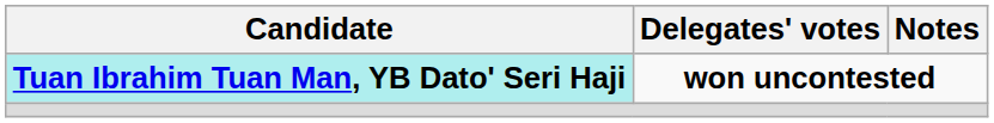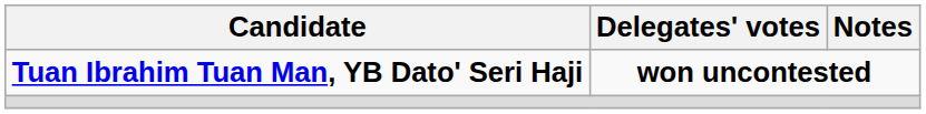 <table class="wikitable" style="text-align:center">
 <tr>
 <th>Candidate</th>
 <th>Delegates' votes</th>
 <th>Notes</th>
 </tr>
 <tr>
-<td align="left" style="background: paleturquoise;"><strong><a href='#'>Tuan Ibrahim Tuan Man</a>, YB Dato' Seri Haji</strong></td>
+<td align="left"><strong><a href='#'>Tuan Ibrahim Tuan Man</a>, YB Dato' Seri Haji</strong></td>
 <td colspan="2"><strong>won uncontested</strong></td>
 </tr>
 <tr>
 <td colspan="3" bgcolor="dcdcdc"></td>
 </tr>
 </table>
